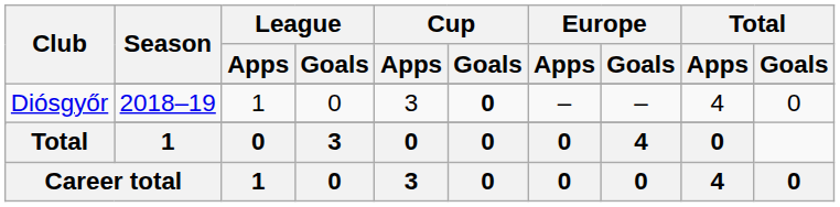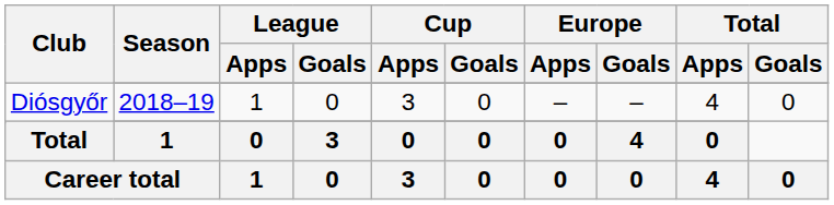 <table class="wikitable" style="text-align:center">
 <tr>
 <th rowspan="2">Club</th>
 <th rowspan="2">Season</th>
 <th colspan="2">League</th>
 <th colspan="2">Cup</th>
 <th colspan="2">Europe</th>
 <th colspan="2">Total</th>
 </tr>
 <tr>
 <th>Apps</th>
 <th>Goals</th>
 <th>Apps</th>
 <th>Goals</th>
 <th>Apps</th>
 <th>Goals</th>
 <th>Apps</th>
 <th>Goals</th>
 </tr>
 <tr>
 <td rowspan="3"><a href='#'>Diósgyőr</a></td>
 </tr>
 <tr>
 <td><a href='#'>2018–19</a></td>
 <td>1</td>
 <td>0</td>
 <td>3</td>
-<td><strong>0</strong></td>
+<td>0</td>
 <td>–</td>
 <td>–</td>
 <td>4</td>
 <td>0</td>
 </tr>
 <tr>
 </tr>
 <tr>
 <th>Total</th>
 <th>1</th>
 <th>0</th>
 <th>3</th>
 <th>0</th>
 <th>0</th>
 <th>0</th>
 <th>4</th>
 <th>0</th>
 </tr>
 <tr>
 <th colspan="2">Career total</th>
 <th>1</th>
 <th>0</th>
 <th>3</th>
 <th>0</th>
 <th>0</th>
 <th>0</th>
 <th>4</th>
 <th>0</th>
 </tr>
 </table>
